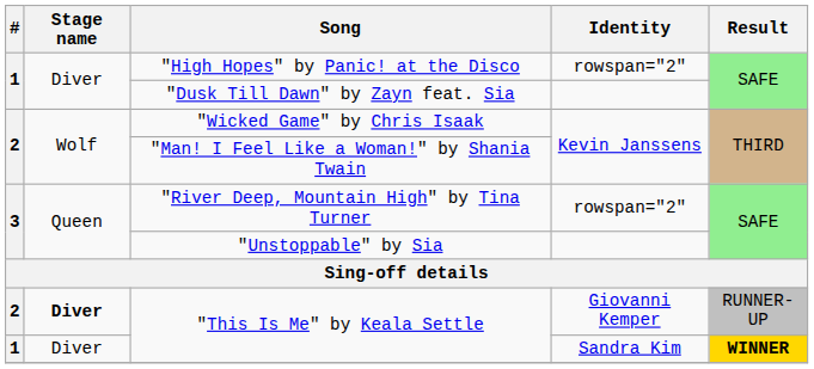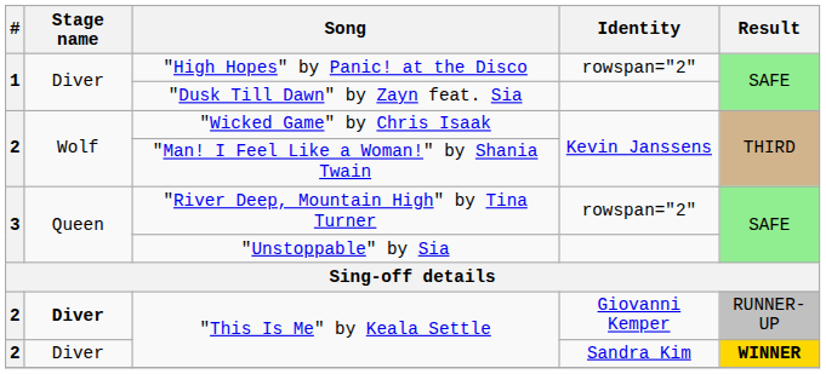 <table class="wikitable plainrowheaders" style="text-align: center;">
 <tr>
 <th>#</th>
 <th>Stage name</th>
 <th>Song</th>
 <th>Identity</th>
 <th>Result</th>
 </tr>
 <tr>
 <th rowspan="2">1</th>
 <td rowspan="2">Diver</td>
 <td>"<a href='#'>High Hopes</a>" by <a href='#'>Panic! at the Disco</a></td>
 <td>rowspan="2" </td>
 <td rowspan="2" bgcolor="lightgreen">SAFE</td>
 </tr>
 <tr>
 <td>"<a href='#'>Dusk Till Dawn</a>" by <a href='#'>Zayn</a> feat. <a href='#'>Sia</a></td>
 </tr>
 <tr>
 <th rowspan="2">2</th>
 <td rowspan="2">Wolf</td>
 <td>"<a href='#'>Wicked Game</a>" by <a href='#'>Chris Isaak</a></td>
 <td rowspan="2"><a href='#'>Kevin Janssens</a></td>
 <td rowspan="2" bgcolor=tan>THIRD</td>
 </tr>
 <tr>
 <td>"<a href='#'>Man! I Feel Like a Woman!</a>" by <a href='#'>Shania Twain</a></td>
 </tr>
 <tr>
 <th rowspan="2">3</th>
 <td rowspan="2">Queen</td>
 <td>"<a href='#'>River Deep, Mountain High</a>" by <a href='#'>Tina Turner</a></td>
 <td>rowspan="2" </td>
 <td rowspan="2" bgcolor="lightgreen">SAFE</td>
 </tr>
 <tr>
 <td>"<a href='#'>Unstoppable</a>" by <a href='#'>Sia</a></td>
 </tr>
 <tr>
 <th colspan="5">Sing-off details</th>
 </tr>
 <tr>
 <th>2</th>
 <td><strong>Diver</strong></td>
 <td rowspan="2">"<a href='#'>This Is Me</a>" by <a href='#'>Keala Settle</a></td>
 <td><a href='#'>Giovanni Kemper</a></td>
 <td bgcolor=silver>RUNNER-UP</td>
 </tr>
 <tr>
-<th>1</th>
+<th>2</th>
 <td>Diver</td>
 <td><a href='#'>Sandra Kim</a></td>
 <td bgcolor=gold><strong>WINNER</strong></td>
 </tr>
 <tr>
 </tr>
 </table>
